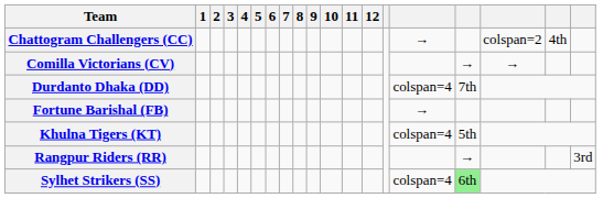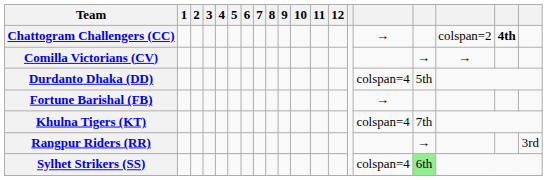 <table class="wikitable" style="font-size:85%; text-align:center;">
 <tr>
 <th>Team</th>
 <th>1</th>
 <th>2</th>
 <th>3</th>
 <th>4</th>
 <th>5</th>
 <th>6</th>
 <th>7</th>
 <th>8</th>
 <th>9</th>
 <th>10</th>
 <th>11</th>
 <th>12</th>
 <th></th>
 <th></th>
 <th></th>
 <th></th>
 <th></th>
 <th></th>
 </tr>
 <tr>
 <th align="left"><a href='#'>Chattogram Challengers (CC)</a></th>
 <td></td>
 <td></td>
 <td></td>
 <td></td>
 <td></td>
 <td></td>
 <td></td>
 <td></td>
 <td></td>
 <td></td>
 <td></td>
 <td></td>
 <td rowspan="7"></td>
 <td>→</td>
 <td></td>
 <td>colspan=2 </td>
-<td>4th</td>
+<td><strong>4th</strong></td>
 </tr>
 <tr>
 <th align="left"><a href='#'>Comilla Victorians (CV)</a></th>
 <td></td>
 <td></td>
 <td></td>
 <td></td>
 <td></td>
 <td></td>
 <td></td>
 <td></td>
 <td></td>
 <td></td>
 <td></td>
 <td></td>
 <td></td>
 <td>→</td>
 <td>→</td>
 <td></td>
 <td></td>
 </tr>
 <tr>
 <th align="left"><a href='#'>Durdanto Dhaka (DD)</a></th>
 <td></td>
 <td></td>
 <td></td>
 <td></td>
 <td></td>
 <td></td>
 <td></td>
 <td></td>
 <td></td>
 <td></td>
 <td></td>
 <td></td>
 <td>colspan=4 </td>
-<td>7th</td>
+<td>5th</td>
 </tr>
 <tr>
 <th align="left"><a href='#'>Fortune Barishal (FB)</a></th>
 <td></td>
 <td></td>
 <td></td>
 <td></td>
 <td></td>
 <td></td>
 <td></td>
 <td></td>
 <td></td>
 <td></td>
 <td></td>
 <td></td>
 <td>→</td>
 <td></td>
 <td></td>
 <td></td>
 <td></td>
 </tr>
 <tr>
 <th align="left"><a href='#'>Khulna Tigers (KT)</a></th>
 <td></td>
 <td></td>
 <td></td>
 <td></td>
 <td></td>
 <td></td>
 <td></td>
 <td></td>
 <td></td>
 <td></td>
 <td></td>
 <td></td>
 <td>colspan=4 </td>
-<td>5th</td>
+<td>7th</td>
 </tr>
 <tr>
 <th align="left"><a href='#'>Rangpur Riders (RR)</a></th>
 <td></td>
 <td></td>
 <td></td>
 <td></td>
 <td></td>
 <td></td>
 <td></td>
 <td></td>
 <td></td>
 <td></td>
 <td></td>
 <td></td>
 <td></td>
 <td>→</td>
 <td></td>
 <td></td>
 <td>3rd</td>
 </tr>
 <tr>
 <th align="left"><a href='#'>Sylhet Strikers (SS)</a></th>
 <td></td>
 <td></td>
 <td></td>
 <td></td>
 <td></td>
 <td></td>
 <td></td>
 <td></td>
 <td></td>
 <td></td>
 <td></td>
 <td></td>
 <td>colspan=4 </td>
 <td style="background: lightgreen;">6th</td>
 </tr>
 </table>
